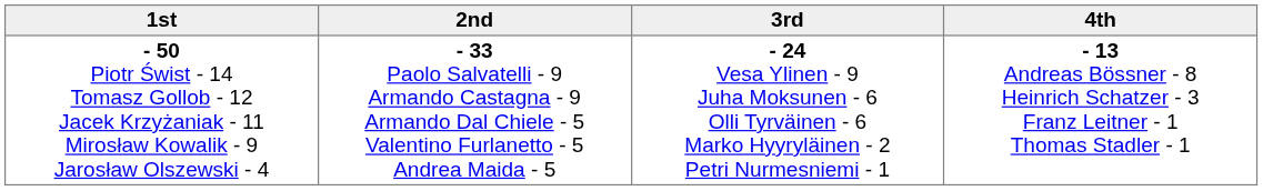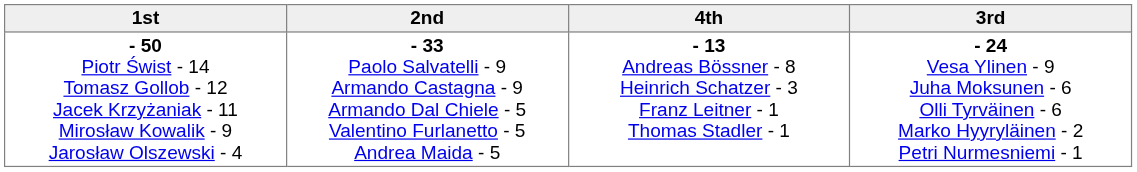 <table border="1" cellpadding="2" cellspacing="0" style="width:75%; border-collapse:collapse">
 <tr style="text-align:center; background:#efefef;">
 <th width=20% >1st</th>
 <th width=20% >2nd</th>
+<th width=20%>4th</th>
 <th width=20% >3rd</th>
-<th width=20%>4th</th>
 </tr>
 <tr align=center>
 <td valign=top ><strong> - 50</strong><br><a href='#'>Piotr Świst</a> - 14<br><a href='#'>Tomasz Gollob</a> - 12<br><a href='#'>Jacek Krzyżaniak</a> - 11<br><a href='#'>Mirosław Kowalik</a> - 9<br><a href='#'>Jarosław Olszewski</a> - 4</td>
 <td valign=top ><strong> - 33</strong><br><a href='#'>Paolo Salvatelli</a> - 9<br><a href='#'>Armando Castagna</a> - 9<br><a href='#'>Armando Dal Chiele</a> - 5<br><a href='#'>Valentino Furlanetto</a> - 5<br><a href='#'>Andrea Maida</a> - 5</td>
+<td valign=top><strong> - 13</strong><br><a href='#'>Andreas Bössner</a> - 8<br><a href='#'>Heinrich Schatzer</a> - 3<br><a href='#'>Franz Leitner</a> - 1<br><a href='#'>Thomas Stadler</a> - 1</td>
 <td valign=top ><strong> - 24</strong><br><a href='#'>Vesa Ylinen</a> - 9<br><a href='#'>Juha Moksunen</a> - 6<br><a href='#'>Olli Tyrväinen</a> - 6<br><a href='#'>Marko Hyyryläinen</a> - 2<br><a href='#'>Petri Nurmesniemi</a> - 1</td>
-<td valign=top><strong> - 13</strong><br><a href='#'>Andreas Bössner</a> - 8<br><a href='#'>Heinrich Schatzer</a> - 3<br><a href='#'>Franz Leitner</a> - 1<br><a href='#'>Thomas Stadler</a> - 1</td>
 </tr>
 </table>
